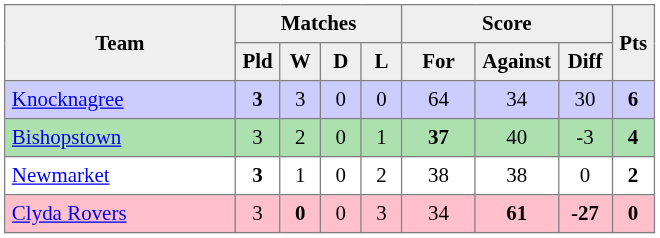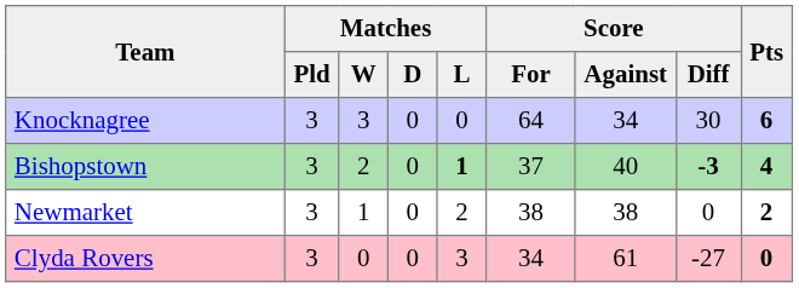 <table style=border-collapse:collapse border=1 cellspacing=0 cellpadding=5>
 <tr align=center bgcolor=#efefef>
 <th rowspan=2 width=165>Team</th>
 <th colspan=4>Matches</th>
 <th colspan=3>Score</th>
 <th rowspan=2width=20>Pts</th>
 </tr>
 <tr align=center bgcolor=#efefef>
 <th width=20>Pld</th>
 <th width=20>W</th>
 <th width=20>D</th>
 <th width=20>L</th>
 <th width=45>For</th>
 <th width=45>Against</th>
 <th width=30>Diff</th>
 </tr>
 <tr align=center style="background:#ccccff;">
 <td style="text-align:left;"><a href='#'>Knocknagree</a></td>
-<td><strong>3</strong></td>
+<td>3</td>
 <td>3</td>
 <td>0</td>
 <td>0</td>
 <td>64</td>
 <td>34</td>
 <td>30</td>
 <td><strong>6</strong></td>
 </tr>
 <tr align=center style="background:#ACE1AF;">
 <td style="text-align:left;"><a href='#'>Bishopstown</a></td>
 <td>3</td>
 <td>2</td>
 <td>0</td>
-<td>1</td>
-<td><strong>37</strong></td>
+<td><strong>1</strong></td>
+<td>37</td>
 <td>40</td>
-<td>-3</td>
+<td><strong>-3</strong></td>
 <td><strong>4</strong></td>
 </tr>
 <tr align=center>
 <td style="text-align:left;"><a href='#'>Newmarket</a></td>
-<td><strong>3</strong></td>
+<td>3</td>
 <td>1</td>
 <td>0</td>
 <td>2</td>
 <td>38</td>
 <td>38</td>
 <td>0</td>
 <td><strong>2</strong></td>
 </tr>
 <tr align=center style="background:#FFC0CB;">
 <td style="text-align:left;"><a href='#'>Clyda Rovers</a></td>
 <td>3</td>
-<td><strong>0</strong></td>
+<td>0</td>
 <td>0</td>
 <td>3</td>
 <td>34</td>
-<td><strong>61</strong></td>
-<td><strong>-27</strong></td>
+<td>61</td>
+<td>-27</td>
 <td><strong>0</strong></td>
 </tr>
 </table>
